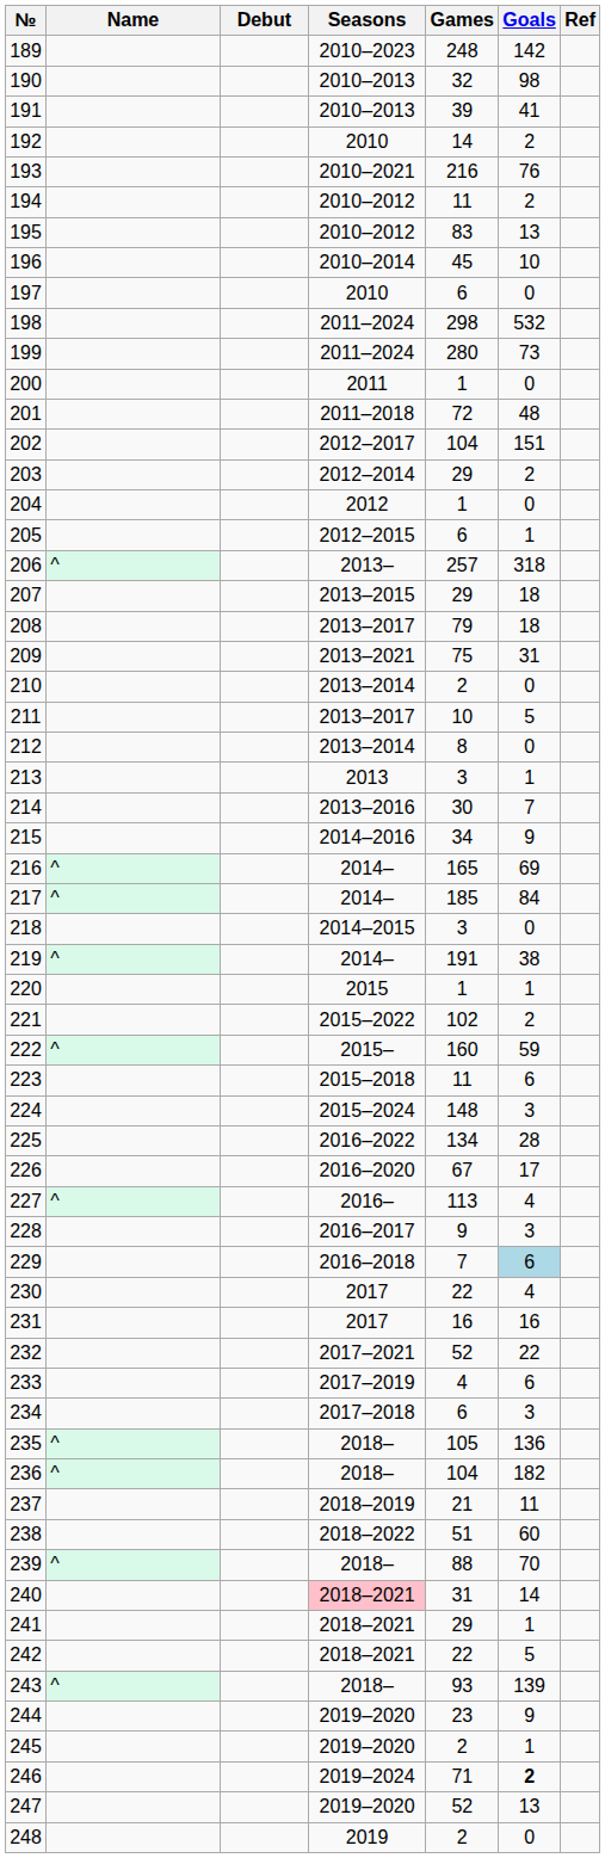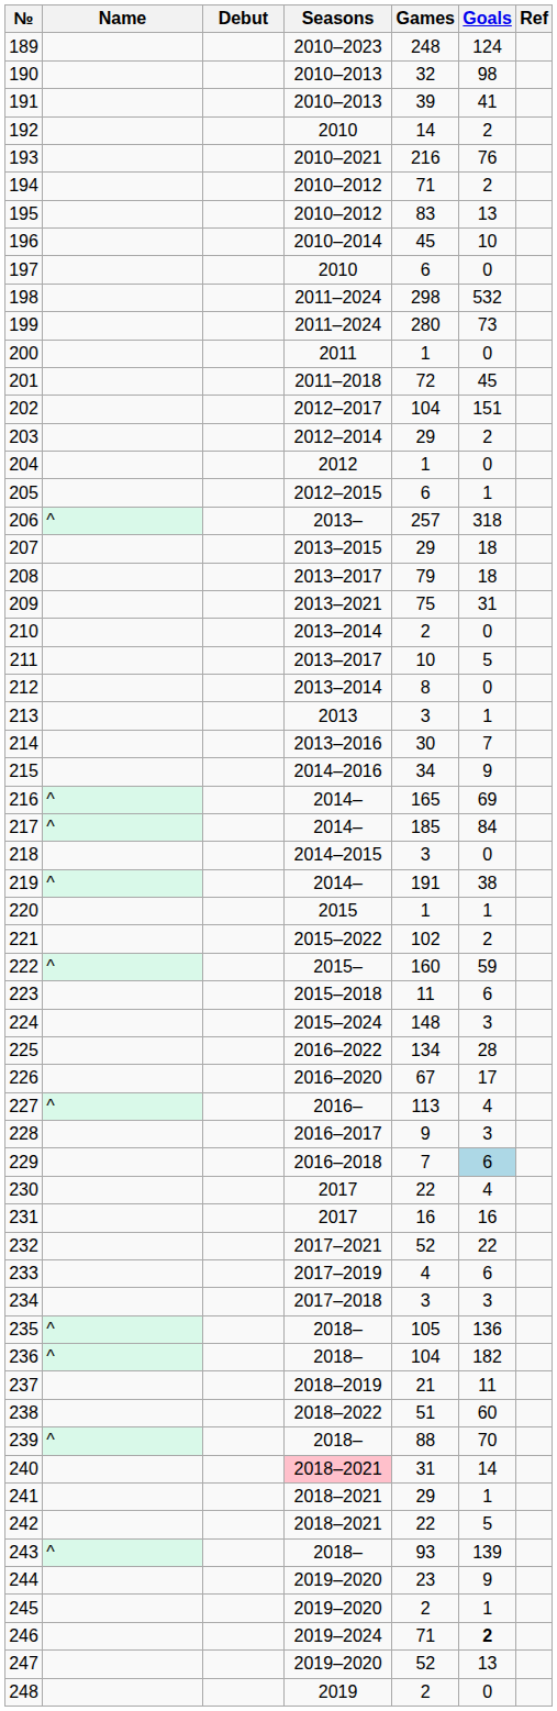 <table class="wikitable sortable" style="text-align:center; width:80%;">
 <tr>
 <th style="width=10%">№</th>
 <th style="width:30%">Name</th>
 <th style="width:15%">Debut</th>
 <th style="width:20%">Seasons</th>
 <th style="width:10%">Games</th>
 <th style="width:10%"><a href='#'>Goals</a></th>
 <th class="unsortable" style="width:5%">Ref</th>
 </tr>
 <tr>
 <td>189</td>
 <td style="text-align:left"></td>
 <td></td>
 <td>2010–2023</td>
 <td>248</td>
-<td>142</td>
+<td>124</td>
 <td></td>
 </tr>
 <tr>
 <td>190</td>
 <td align=left></td>
 <td></td>
 <td>2010–2013</td>
 <td>32</td>
 <td>98</td>
 <td></td>
 </tr>
 <tr>
 <td>191</td>
 <td align=left></td>
 <td></td>
 <td>2010–2013</td>
 <td>39</td>
 <td>41</td>
 <td></td>
 </tr>
 <tr>
 <td>192</td>
 <td align=left></td>
 <td></td>
 <td>2010</td>
 <td>14</td>
 <td>2</td>
 <td></td>
 </tr>
 <tr>
 <td>193</td>
 <td style="text-align:left"></td>
 <td></td>
 <td>2010–2021</td>
 <td>216</td>
 <td>76</td>
 <td></td>
 </tr>
 <tr>
 <td>194</td>
 <td align=left></td>
 <td></td>
 <td>2010–2012</td>
-<td>11</td>
+<td>71</td>
 <td>2</td>
 <td></td>
 </tr>
 <tr>
 <td>195</td>
 <td align=left></td>
 <td></td>
 <td>2010–2012</td>
 <td>83</td>
 <td>13</td>
 <td></td>
 </tr>
 <tr align=center>
 <td>196</td>
 <td align=left></td>
 <td></td>
 <td>2010–2014</td>
 <td>45</td>
 <td>10</td>
 <td></td>
 </tr>
 <tr>
 <td>197</td>
 <td align=left></td>
 <td></td>
 <td>2010</td>
 <td>6</td>
 <td>0</td>
 <td></td>
 </tr>
 <tr>
 <td>198</td>
 <td style="text-align:left"></td>
 <td></td>
 <td>2011–2024</td>
 <td>298</td>
 <td>532</td>
 <td></td>
 </tr>
 <tr>
 <td>199</td>
 <td style="text-align:left"></td>
 <td></td>
 <td>2011–2024</td>
 <td>280</td>
 <td>73</td>
 <td></td>
 </tr>
 <tr>
 <td>200</td>
 <td align=left></td>
 <td></td>
 <td>2011</td>
 <td>1</td>
 <td>0</td>
 <td></td>
 </tr>
 <tr>
 <td>201</td>
 <td align=left></td>
 <td></td>
 <td>2011–2018</td>
 <td>72</td>
-<td>48</td>
+<td>45</td>
 <td></td>
 </tr>
 <tr>
 <td>202</td>
 <td align=left></td>
 <td></td>
 <td>2012–2017</td>
 <td>104</td>
 <td>151</td>
 <td></td>
 </tr>
 <tr align=center>
 <td>203</td>
 <td align=left></td>
 <td></td>
 <td>2012–2014</td>
 <td>29</td>
 <td>2</td>
 <td></td>
 </tr>
 <tr>
 <td>204</td>
 <td align=left></td>
 <td></td>
 <td>2012</td>
 <td>1</td>
 <td>0</td>
 <td></td>
 </tr>
 <tr align=center>
 <td>205</td>
 <td align=left></td>
 <td></td>
 <td>2012–2015</td>
 <td>6</td>
 <td>1</td>
 <td></td>
 </tr>
 <tr>
 <td>206</td>
 <td style="text-align:left; background:#d9f9e9">^</td>
 <td></td>
 <td>2013–</td>
 <td>257</td>
 <td>318</td>
 <td></td>
 </tr>
 <tr>
 <td>207</td>
 <td align=left></td>
 <td></td>
 <td>2013–2015</td>
 <td>29</td>
 <td>18</td>
 <td></td>
 </tr>
 <tr>
 <td>208</td>
 <td align=left></td>
 <td></td>
 <td>2013–2017</td>
 <td>79</td>
 <td>18</td>
 <td></td>
 </tr>
 <tr>
 <td>209</td>
 <td style="text-align:left"></td>
 <td></td>
 <td>2013–2021</td>
 <td>75</td>
 <td>31</td>
 <td></td>
 </tr>
 <tr align=center>
 <td>210</td>
 <td align=left></td>
 <td></td>
 <td>2013–2014</td>
 <td>2</td>
 <td>0</td>
 <td></td>
 </tr>
 <tr align=center>
 <td>211</td>
 <td align=left></td>
 <td></td>
 <td>2013–2017</td>
 <td>10</td>
 <td>5</td>
 <td></td>
 </tr>
 <tr align=center>
 <td>212</td>
 <td align=left></td>
 <td></td>
 <td>2013–2014</td>
 <td>8</td>
 <td>0</td>
 <td></td>
 </tr>
 <tr>
 <td>213</td>
 <td align=left></td>
 <td></td>
 <td>2013</td>
 <td>3</td>
 <td>1</td>
 <td></td>
 </tr>
 <tr>
 <td>214</td>
 <td align=left></td>
 <td></td>
 <td>2013–2016</td>
 <td>30</td>
 <td>7</td>
 <td></td>
 </tr>
 <tr style>
 <td>215</td>
 <td align=left></td>
 <td></td>
 <td>2014–2016</td>
 <td>34</td>
 <td>9</td>
 <td></td>
 </tr>
 <tr>
 <td>216</td>
 <td style="text-align:left; background:#d9f9e9">^</td>
 <td></td>
 <td>2014–</td>
 <td>165</td>
 <td>69</td>
 <td></td>
 </tr>
 <tr>
 <td>217</td>
 <td style="text-align:left; background:#d9f9e9">^</td>
 <td></td>
 <td>2014–</td>
 <td>185</td>
 <td>84</td>
 <td></td>
 </tr>
 <tr style>
 <td>218</td>
 <td align=left></td>
 <td></td>
 <td>2014–2015</td>
 <td>3</td>
 <td>0</td>
 <td></td>
 </tr>
 <tr>
 <td>219</td>
 <td style="text-align:left; background:#d9f9e9">^</td>
 <td></td>
 <td>2014–</td>
 <td>191</td>
 <td>38</td>
 <td></td>
 </tr>
 <tr>
 <td>220</td>
 <td align=left></td>
 <td></td>
 <td>2015</td>
 <td>1</td>
 <td>1</td>
 <td></td>
 </tr>
 <tr>
 <td>221</td>
 <td style="text-align:left"></td>
 <td></td>
 <td>2015–2022</td>
 <td>102</td>
 <td>2</td>
 <td></td>
 </tr>
 <tr>
 <td>222</td>
 <td style="text-align:left; background:#d9f9e9">^</td>
 <td></td>
 <td>2015–</td>
 <td>160</td>
 <td>59</td>
 <td></td>
 </tr>
 <tr>
 <td>223</td>
 <td style="text-align:left"></td>
 <td></td>
 <td>2015–2018</td>
 <td>11</td>
 <td>6</td>
 <td></td>
 </tr>
 <tr>
 <td>224</td>
 <td style="text-align:left"></td>
 <td></td>
 <td>2015–2024</td>
 <td>148</td>
 <td>3</td>
 <td></td>
 </tr>
 <tr>
 <td>225</td>
 <td style="text-align:left"></td>
 <td></td>
 <td>2016–2022</td>
 <td>134</td>
 <td>28</td>
 <td></td>
 </tr>
 <tr>
 <td>226</td>
 <td style="text-align:left"></td>
 <td></td>
 <td>2016–2020</td>
 <td>67</td>
 <td>17</td>
 <td></td>
 </tr>
 <tr>
 <td>227</td>
 <td style="text-align:left; background:#d9f9e9">^</td>
 <td></td>
 <td>2016–</td>
 <td>113</td>
 <td>4</td>
 <td></td>
 </tr>
 <tr>
 <td>228</td>
 <td align=left></td>
 <td></td>
 <td>2016–2017</td>
 <td>9</td>
 <td>3</td>
 <td></td>
 </tr>
 <tr>
 <td>229</td>
 <td align=left></td>
 <td></td>
 <td>2016–2018</td>
 <td>7</td>
 <td style="background: lightblue;">6</td>
 <td></td>
 </tr>
 <tr>
 <td>230</td>
 <td align=left></td>
 <td></td>
 <td>2017</td>
 <td>22</td>
 <td>4</td>
 <td></td>
 </tr>
 <tr>
 <td>231</td>
 <td align=left></td>
 <td></td>
 <td>2017</td>
 <td>16</td>
 <td>16</td>
 <td></td>
 </tr>
 <tr>
 <td>232</td>
 <td style="text-align:left"></td>
 <td></td>
 <td>2017–2021</td>
 <td>52</td>
 <td>22</td>
 <td></td>
 </tr>
 <tr>
 <td>233</td>
 <td style="text-align:left"></td>
 <td></td>
 <td>2017–2019</td>
 <td>4</td>
 <td>6</td>
 <td></td>
 </tr>
 <tr>
 <td>234</td>
 <td align=left></td>
 <td></td>
 <td>2017–2018</td>
-<td>6</td>
+<td>3</td>
 <td>3</td>
 <td></td>
 </tr>
 <tr>
 <td>235</td>
 <td style="text-align:left; background:#d9f9e9">^</td>
 <td></td>
 <td>2018–</td>
 <td>105</td>
 <td>136</td>
 <td></td>
 </tr>
 <tr>
 <td>236</td>
 <td style="text-align:left; background:#d9f9e9">^</td>
 <td></td>
 <td>2018–</td>
 <td>104</td>
 <td>182</td>
 <td></td>
 </tr>
 <tr>
 <td>237</td>
 <td style="text-align:left"></td>
 <td></td>
 <td>2018–2019</td>
 <td>21</td>
 <td>11</td>
 <td></td>
 </tr>
 <tr>
 <td>238</td>
 <td style="text-align:left"></td>
 <td></td>
 <td>2018–2022</td>
 <td>51</td>
 <td>60</td>
 <td></td>
 </tr>
 <tr>
 <td>239</td>
 <td style="text-align:left; background:#d9f9e9">^</td>
 <td></td>
 <td>2018–</td>
 <td>88</td>
 <td>70</td>
 <td></td>
 </tr>
 <tr>
 <td>240</td>
 <td style="text-align:left"></td>
 <td></td>
 <td style="background: pink;">2018–2021</td>
 <td>31</td>
 <td>14</td>
 <td></td>
 </tr>
 <tr>
 <td>241</td>
 <td style="text-align:left"></td>
 <td></td>
 <td>2018–2021</td>
 <td>29</td>
 <td>1</td>
 <td></td>
 </tr>
 <tr>
 <td>242</td>
 <td style="text-align:left"></td>
 <td></td>
 <td>2018–2021</td>
 <td>22</td>
 <td>5</td>
 <td></td>
 </tr>
 <tr>
 <td>243</td>
 <td style="text-align:left; background:#d9f9e9">^</td>
 <td></td>
 <td>2018–</td>
 <td>93</td>
 <td>139</td>
 <td></td>
 </tr>
 <tr>
 <td>244</td>
 <td style="text-align:left"></td>
 <td></td>
 <td>2019–2020</td>
 <td>23</td>
 <td>9</td>
 <td></td>
 </tr>
 <tr>
 <td>245</td>
 <td style="text-align:left"></td>
 <td></td>
 <td>2019–2020</td>
 <td>2</td>
 <td>1</td>
 <td></td>
 </tr>
 <tr>
 <td>246</td>
 <td style="text-align:left"></td>
 <td></td>
 <td>2019–2024</td>
 <td>71</td>
 <td><strong>2</strong></td>
 <td></td>
 </tr>
 <tr>
 <td>247</td>
 <td style="text-align:left"></td>
 <td></td>
 <td>2019–2020</td>
 <td>52</td>
 <td>13</td>
 <td></td>
 </tr>
 <tr>
 <td>248</td>
 <td style="text-align:left"></td>
 <td></td>
 <td>2019</td>
 <td>2</td>
 <td>0</td>
 <td></td>
 </tr>
 </table>
